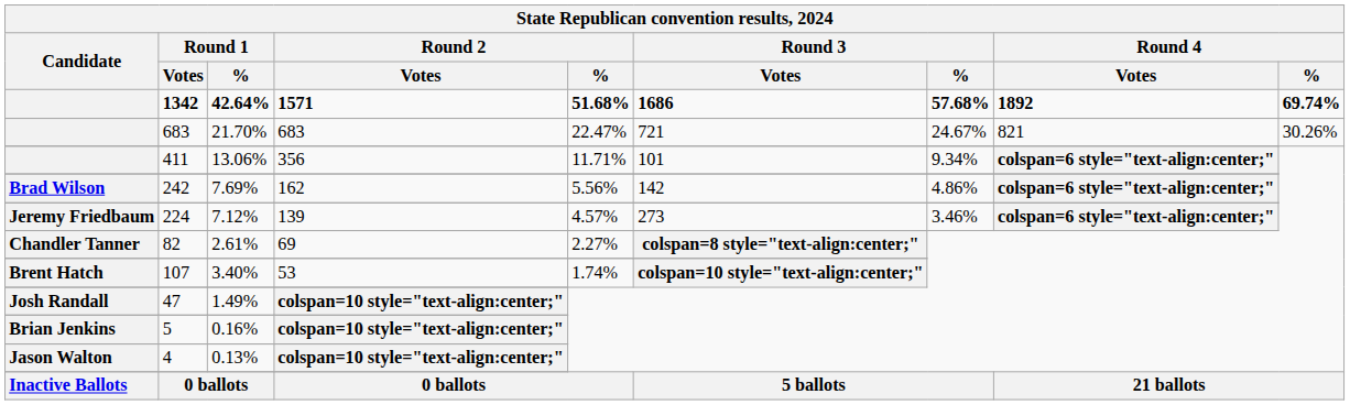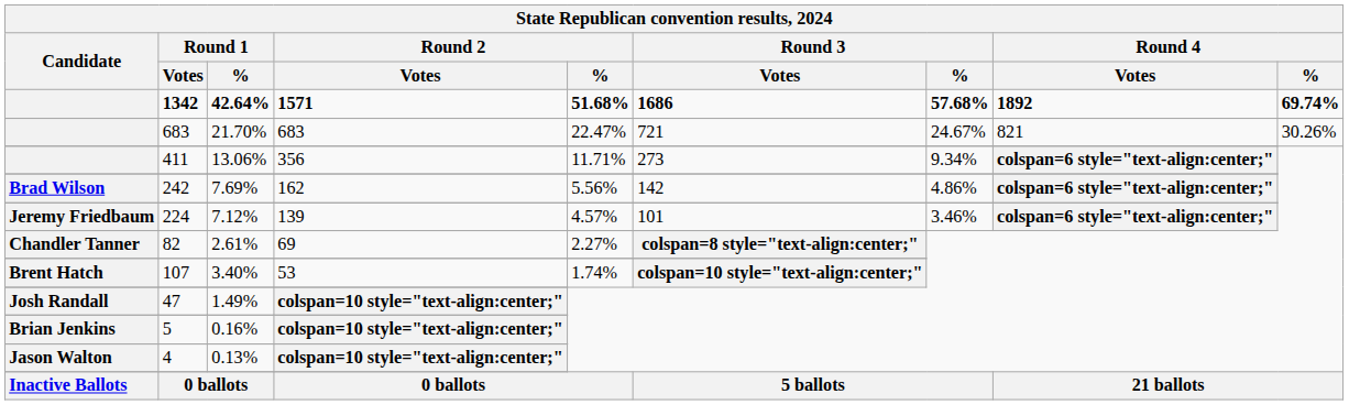 <table class="wikitable sortable">
 <tr>
 <th colspan="9">State Republican convention results, 2024</th>
 </tr>
 <tr style="background:#eee; text-align:center;">
 <th rowspan=2 style="text-align:center;">Candidate</th>
 <th colspan=2 style="text-align:center;">Round 1</th>
 <th colspan=2 style="text-align:center;">Round 2</th>
 <th colspan=2 style="text-align:center;">Round 3</th>
 <th colspan=2 style="text-align:center;">Round 4</th>
 </tr>
 <tr>
 <th>Votes</th>
 <th>%</th>
 <th>Votes</th>
 <th>%</th>
 <th>Votes</th>
 <th>%</th>
 <th>Votes</th>
 <th>%</th>
 </tr>
 <tr>
 <th scope="row" style="text-align:left;"></th>
 <td><strong>1342</strong></td>
 <td><strong>42.64%</strong></td>
 <td><strong>1571</strong></td>
 <td><strong>51.68%</strong></td>
 <td><strong>1686</strong></td>
 <td><strong>57.68%</strong></td>
 <td><strong>1892</strong></td>
 <td><strong>69.74%</strong></td>
 </tr>
 <tr>
 </tr>
 <tr>
 <th scope="row" style="text-align:left;"></th>
 <td>683</td>
 <td>21.70%</td>
 <td>683</td>
 <td>22.47%</td>
 <td>721</td>
 <td>24.67%</td>
 <td>821</td>
 <td>30.26%</td>
 </tr>
 <tr>
 </tr>
 <tr>
 <th scope="row" style="text-align:left;"></th>
 <td>411</td>
 <td>13.06%</td>
 <td>356</td>
 <td>11.71%</td>
-<td>101</td>
+<td>273</td>
 <td>9.34%</td>
 <th>colspan=6 style="text-align:center;" </th>
 </tr>
 <tr>
 </tr>
 <tr>
 <th scope="row" style="text-align:left;"><a href='#'>Brad Wilson</a></th>
 <td>242</td>
 <td>7.69%</td>
 <td>162</td>
 <td>5.56%</td>
 <td>142</td>
 <td>4.86%</td>
 <th>colspan=6 style="text-align:center;" </th>
 </tr>
 <tr>
 </tr>
 <tr>
 <th scope="row" style="text-align:left;">Jeremy Friedbaum</th>
 <td>224</td>
 <td>7.12%</td>
 <td>139</td>
 <td>4.57%</td>
-<td>273</td>
+<td>101</td>
 <td>3.46%</td>
 <th>colspan=6 style="text-align:center;" </th>
 </tr>
 <tr>
 </tr>
 <tr>
 <th scope="row" style="text-align:left;">Chandler Tanner</th>
 <td>82</td>
 <td>2.61%</td>
 <td>69</td>
 <td>2.27%</td>
 <th>colspan=8 style="text-align:center;" </th>
 </tr>
 <tr>
 </tr>
 <tr>
 <th scope="row" style="text-align:left;">Brent Hatch</th>
 <td>107</td>
 <td>3.40%</td>
 <td>53</td>
 <td>1.74%</td>
 <th>colspan=10 style="text-align:center;" </th>
 </tr>
 <tr>
 </tr>
 <tr>
 <th scope="row" style="text-align:left;">Josh Randall</th>
 <td>47</td>
 <td>1.49%</td>
 <th>colspan=10 style="text-align:center;" </th>
 </tr>
 <tr>
 </tr>
 <tr>
 <th scope="row" style="text-align:left;">Brian Jenkins</th>
 <td>5</td>
 <td>0.16%</td>
 <th>colspan=10 style="text-align:center;" </th>
 </tr>
 <tr>
 </tr>
 <tr>
 <th scope="row" style="text-align:left;">Jason Walton</th>
 <td>4</td>
 <td>0.13%</td>
 <th>colspan=10 style="text-align:center;" </th>
 </tr>
 <tr>
 </tr>
 <tr>
 <th scope="row" style="text-align:left;"><a href='#'>Inactive Ballots</a></th>
 <th colspan="2">0 ballots</th>
 <th colspan="2">0 ballots</th>
 <th colspan="2">5 ballots</th>
 <th colspan="2">21 ballots</th>
 </tr>
 </table>
